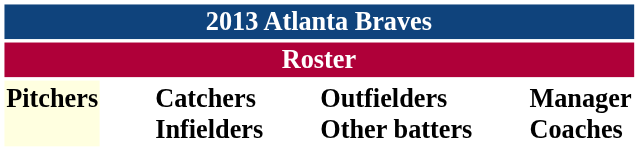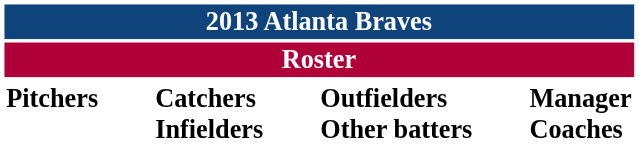 <table class="toccolours" style="font-size: 95%;">
 <tr>
 <th colspan="10" style="background:#0f437c; color:#fff; text-align:center;">2013 Atlanta Braves</th>
 </tr>
 <tr>
 <td colspan="10" style="background:#af0039; color:white; text-align:center;"><strong>Roster</strong></td>
 </tr>
 <tr>
-<td valign="top" style="background: lightyellow;"><strong>Pitchers</strong><br>                    </td>
+<td valign="top"><strong>Pitchers</strong><br>                    </td>
 <td style="width:25px;"></td>
 <td valign="top"><strong>Catchers</strong><br>  <strong>Infielders</strong>           </td>
 <td style="width:25px;"></td>
 <td valign="top"><strong>Outfielders</strong><br>         <strong>Other batters</strong> </td>
 <td style="width:25px;"></td>
 <td valign="top"><strong>Manager</strong><br> <strong>Coaches</strong>                </td>
 </tr>
 </table>
